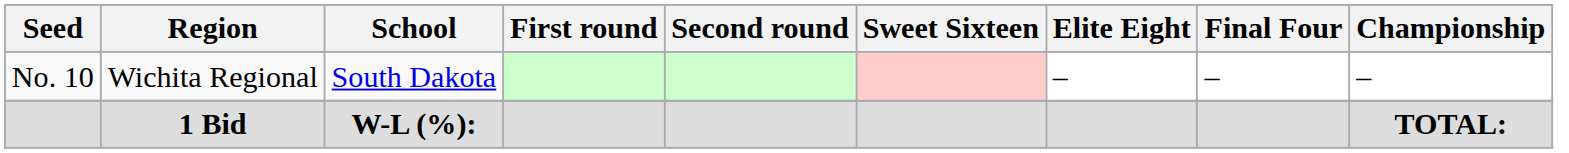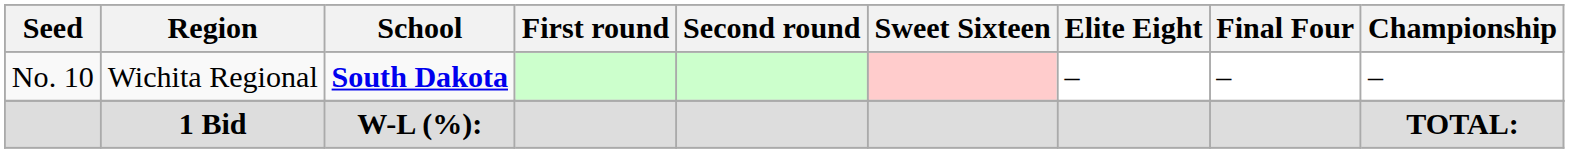 <table class="sortable wikitable" style="white-space:nowrap; font-size:100%;">
 <tr>
 <th>Seed</th>
 <th>Region</th>
 <th>School</th>
 <th>First round</th>
 <th>Second round</th>
 <th>Sweet Sixteen</th>
 <th>Elite Eight</th>
 <th>Final Four</th>
 <th>Championship</th>
 </tr>
 <tr>
 <td>No. 10</td>
 <td>Wichita Regional</td>
-<td><a href='#'>South Dakota</a></td>
+<td><strong><a href='#'>South Dakota</a></strong></td>
 <td style="background:#cfc;"></td>
 <td style="background:#cfc;"></td>
 <td style="background:#fcc;"></td>
 <td style="background:#fff;">–</td>
 <td style="background:#fff;">–</td>
 <td style="background:#fff;">–</td>
 </tr>
 <tr>
 </tr>
 <tr class="sortbottom" style="text-align:center; background:#ddd;">
 <td></td>
 <td><strong>1 Bid</strong></td>
 <td><strong>W-L (%):</strong></td>
 <td></td>
 <td></td>
 <td></td>
 <td></td>
 <td></td>
 <td><strong>TOTAL:</strong> </td>
 </tr>
 </table>
